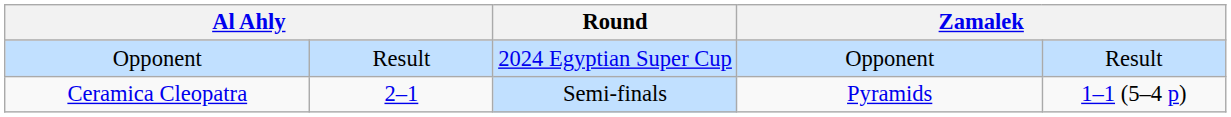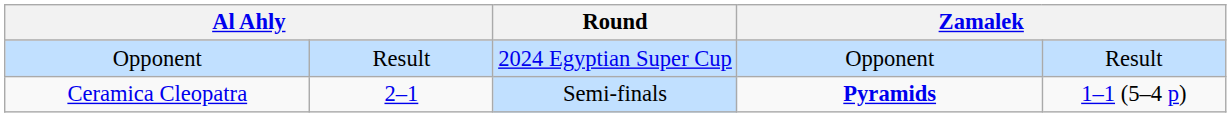 <table class="wikitable" style="text-align:center; white-space:nowrap;">
 <tr>
 <th colspan="2"><a href='#'>Al Ahly</a></th>
 <th>Round</th>
 <th colspan="2"><a href='#'>Zamalek</a></th>
 </tr>
 <tr style="background:#C1E0FF;">
 <td style="width:25%;">Opponent</td>
 <td style="width:15%;">Result</td>
 <td><a href='#'>2024 Egyptian Super Cup</a></td>
 <td style="width:25%;">Opponent</td>
 <td style="width:15%;">Result</td>
 </tr>
 <tr>
 <td><a href='#'>Ceramica Cleopatra</a></td>
 <td><a href='#'>2–1</a></td>
 <td style="background:#C1E0FF;">Semi-finals</td>
-<td><a href='#'>Pyramids</a></td>
+<td><strong><a href='#'>Pyramids</a></strong></td>
 <td><a href='#'>1–1</a> (5–4 <a href='#'>p</a>)</td>
 </tr>
 </table>
